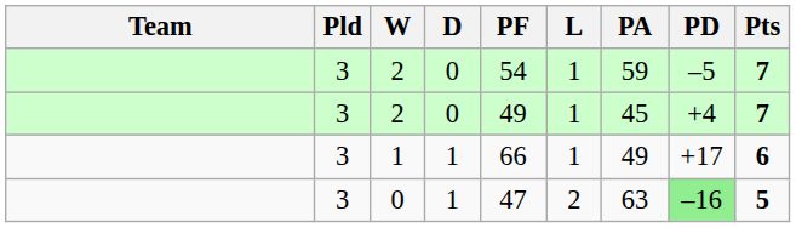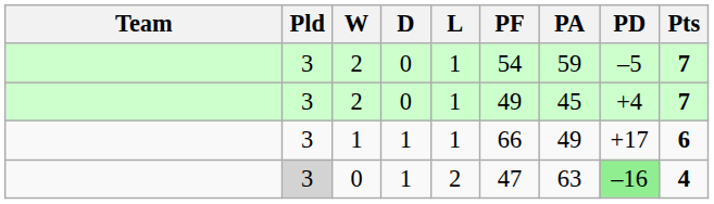 <table class="wikitable" style="text-align:center;">
 <tr>
 <th width=175>Team</th>
 <th width=25 abbr="Played">Pld</th>
 <th width=25 abbr="Won">W</th>
 <th width=25 abbr="Drawn">D</th>
+<th width=25 abbr="Lost">L</th>
 <th width=32 abbr="Points for">PF</th>
-<th width=25 abbr="Lost">L</th>
 <th width=32 abbr="Points against">PA</th>
 <th width=32 abbr="Points difference">PD</th>
 <th width=25 abbr="Points">Pts</th>
 </tr>
 <tr bgcolor=ccffcc>
 <td align=left></td>
 <td>3</td>
 <td>2</td>
 <td>0</td>
+<td>1</td>
 <td>54</td>
-<td>1</td>
 <td>59</td>
 <td>–5</td>
 <td><strong>7</strong></td>
 </tr>
 <tr bgcolor=ccffcc>
 <td align=left></td>
 <td>3</td>
 <td>2</td>
 <td>0</td>
+<td>1</td>
 <td>49</td>
-<td>1</td>
 <td>45</td>
 <td>+4</td>
 <td><strong>7</strong></td>
 </tr>
 <tr>
 <td align=left></td>
 <td>3</td>
 <td>1</td>
 <td>1</td>
+<td>1</td>
 <td>66</td>
-<td>1</td>
 <td>49</td>
 <td>+17</td>
 <td><strong>6</strong></td>
 </tr>
 <tr>
 <td align=left></td>
-<td>3</td>
+<td style="background: lightgrey;">3</td>
 <td>0</td>
 <td>1</td>
+<td>2</td>
 <td>47</td>
-<td>2</td>
 <td>63</td>
 <td style="background: lightgreen;">–16</td>
-<td><strong>5</strong></td>
+<td><strong>4</strong></td>
 </tr>
 </table>
